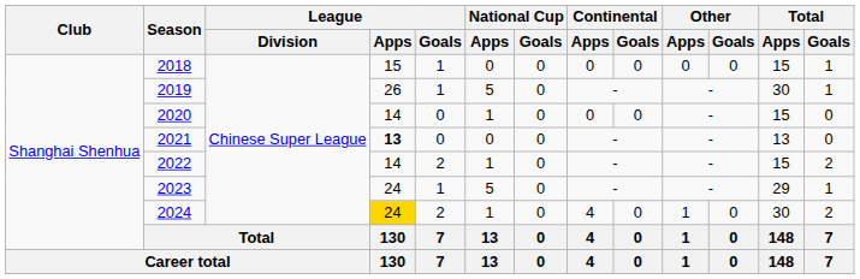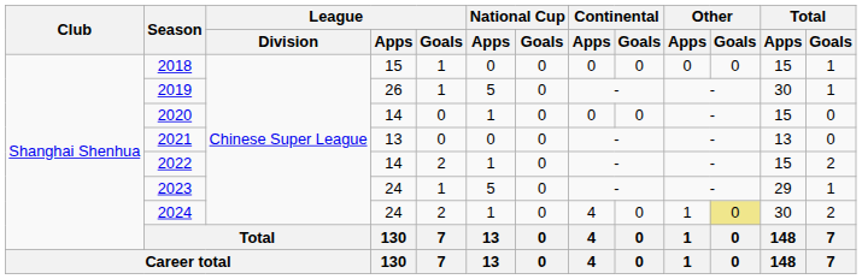 <table class="wikitable" style="text-align: center">
 <tr>
 <th rowspan="2">Club</th>
 <th rowspan="2">Season</th>
 <th colspan="3">League</th>
 <th colspan="2">National Cup</th>
 <th colspan="2">Continental</th>
 <th colspan="2">Other</th>
 <th colspan="2">Total</th>
 </tr>
 <tr>
 <th>Division</th>
 <th>Apps</th>
 <th>Goals</th>
 <th>Apps</th>
 <th>Goals</th>
 <th>Apps</th>
 <th>Goals</th>
 <th>Apps</th>
 <th>Goals</th>
 <th>Apps</th>
 <th>Goals</th>
 </tr>
 <tr>
 <td rowspan="8"><a href='#'>Shanghai Shenhua</a></td>
 <td><a href='#'>2018</a></td>
 <td rowspan="7"><a href='#'>Chinese Super League</a></td>
 <td>15</td>
 <td>1</td>
 <td>0</td>
 <td>0</td>
 <td>0</td>
 <td>0</td>
 <td>0</td>
 <td>0</td>
 <td>15</td>
 <td>1</td>
 </tr>
 <tr>
 <td><a href='#'>2019</a></td>
 <td>26</td>
 <td>1</td>
 <td>5</td>
 <td>0</td>
 <td colspan="2">-</td>
 <td colspan="2">-</td>
 <td>30</td>
 <td>1</td>
 </tr>
 <tr>
 <td><a href='#'>2020</a></td>
 <td>14</td>
 <td>0</td>
 <td>1</td>
 <td>0</td>
 <td>0</td>
 <td>0</td>
 <td colspan="2">-</td>
 <td>15</td>
 <td>0</td>
 </tr>
 <tr>
 <td><a href='#'>2021</a></td>
-<td><strong>13</strong></td>
+<td>13</td>
 <td>0</td>
 <td>0</td>
 <td>0</td>
 <td colspan="2">-</td>
 <td colspan="2">-</td>
 <td>13</td>
 <td>0</td>
 </tr>
 <tr>
 <td><a href='#'>2022</a></td>
 <td>14</td>
 <td>2</td>
 <td>1</td>
 <td>0</td>
 <td colspan="2">-</td>
 <td colspan="2">-</td>
 <td>15</td>
 <td>2</td>
 </tr>
 <tr>
 <td><a href='#'>2023</a></td>
 <td>24</td>
 <td>1</td>
 <td>5</td>
 <td>0</td>
 <td colspan="2">-</td>
 <td colspan="2">-</td>
 <td>29</td>
 <td>1</td>
 </tr>
 <tr>
 <td><a href='#'>2024</a></td>
-<td style="background: gold;">24</td>
+<td>24</td>
 <td>2</td>
 <td>1</td>
 <td>0</td>
 <td>4</td>
 <td>0</td>
 <td>1</td>
-<td>0</td>
+<td style="background: khaki;">0</td>
 <td>30</td>
 <td>2</td>
 </tr>
 <tr>
 <th colspan=2>Total</th>
 <th>130</th>
 <th>7</th>
 <th>13</th>
 <th>0</th>
 <th>4</th>
 <th>0</th>
 <th>1</th>
 <th>0</th>
 <th>148</th>
 <th>7</th>
 </tr>
 <tr>
 <th colspan=3>Career total</th>
 <th>130</th>
 <th>7</th>
 <th>13</th>
 <th>0</th>
 <th>4</th>
 <th>0</th>
 <th>1</th>
 <th>0</th>
 <th>148</th>
 <th>7</th>
 </tr>
 </table>
